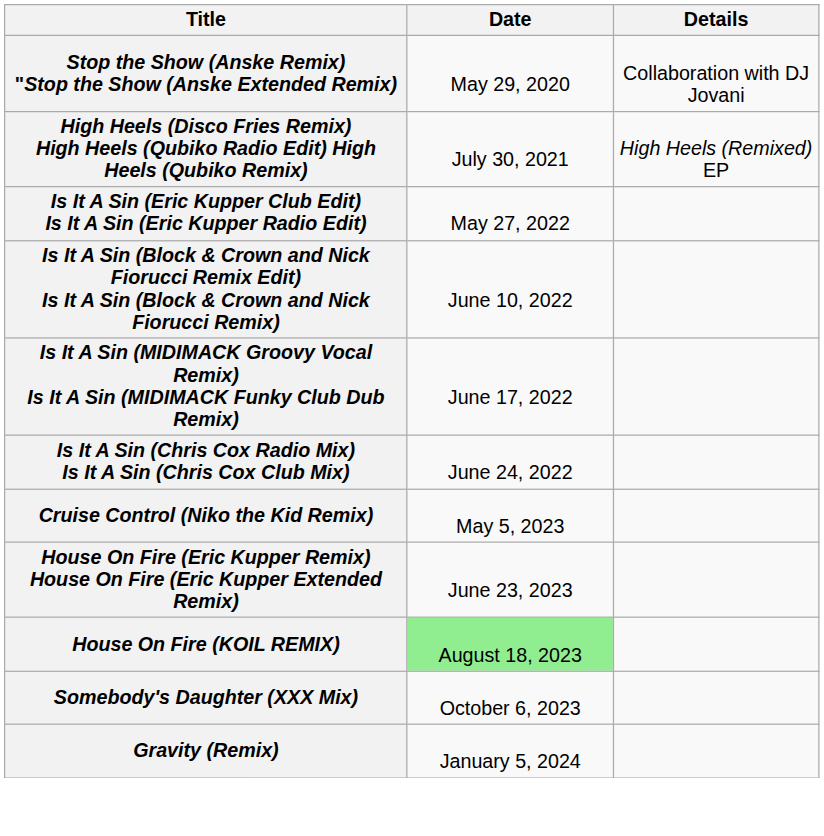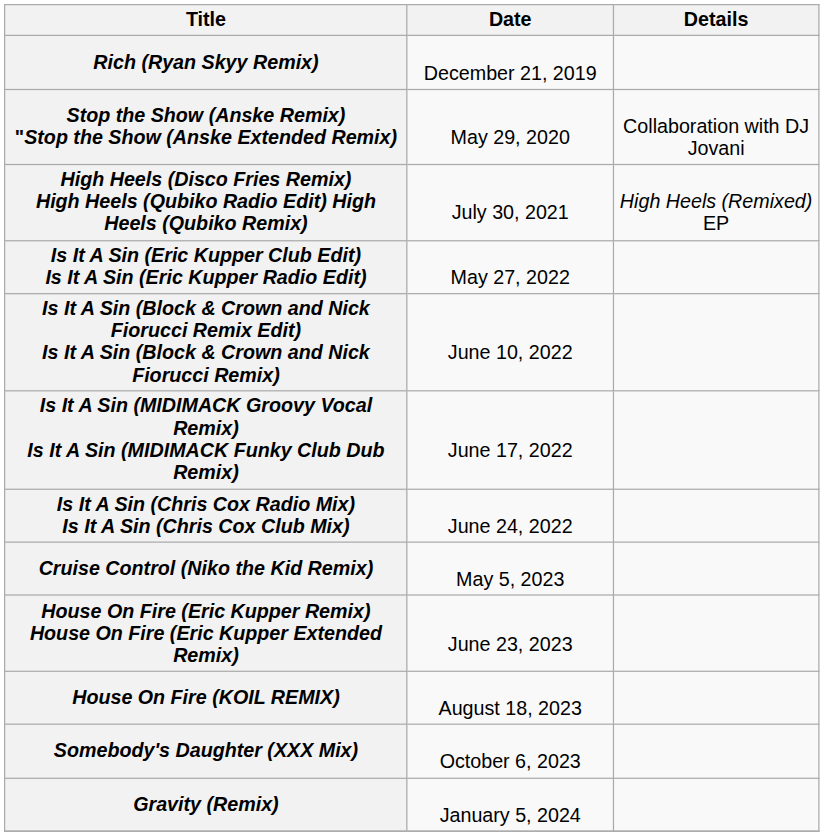 <table class="wikitable plainrowheaders" style="text-align:center;">
 <tr>
 <th scope="col" style="width:20em;">Title</th>
 <th scope="col" style="width:10em;">Date</th>
 <th scope="col" style="width:10em;">Details</th>
+</tr>
+<tr>
+<th scope="row"><em>Rich (Ryan Skyy Remix)</em></th>
+<td><br>December 21, 2019</td>
+<td></td>
 </tr>
 <tr>
 <th scope="row"><em>Stop the Show (Anske Remix)</em><br>"<em>Stop the Show (Anske Extended Remix)</em></th>
 <td><br>May 29, 2020</td>
 <td><br>Collaboration with DJ Jovani</td>
 </tr>
 <tr>
 <th scope="row"><em>High Heels (Disco Fries Remix)</em><br><em>High Heels (Qubiko Radio Edit)</em> <em>High Heels (Qubiko Remix)</em></th>
 <td><br>July 30, 2021</td>
 <td><br><em>High Heels (Remixed)</em> EP</td>
 </tr>
 <tr>
 <th scope="row"><em>Is It A Sin (Eric Kupper Club Edit)</em><br><em>Is It A Sin (Eric Kupper Radio Edit)</em></th>
 <td><br>May 27, 2022</td>
 <td></td>
 </tr>
 <tr>
 <th scope="row"><em>Is It A Sin (Block & Crown and Nick Fiorucci Remix Edit)</em><br><em>Is It A Sin (Block & Crown and Nick Fiorucci Remix)</em></th>
 <td><br>June 10, 2022</td>
 <td></td>
 </tr>
 <tr>
 <th scope="row"><em>Is It A Sin (MIDIMACK Groovy Vocal Remix)</em><br><em>Is It A Sin (MIDIMACK Funky Club Dub Remix)</em></th>
 <td><br>June 17, 2022</td>
 <td></td>
 </tr>
 <tr>
 <th scope="row"><em>Is It A Sin (Chris Cox Radio Mix)</em><br><em>Is It A Sin (Chris Cox Club Mix)</em></th>
 <td><br>June 24, 2022</td>
 <td></td>
 </tr>
 <tr>
 <th scope="row"><em>Cruise Control (Niko the Kid Remix)</em></th>
 <td><br>May 5, 2023</td>
 <td></td>
 </tr>
 <tr>
 <th scope="row"><em>House On Fire (Eric Kupper Remix)</em><br><em>House On Fire (Eric Kupper Extended Remix)</em></th>
 <td><br>June 23, 2023</td>
 <td></td>
 </tr>
 <tr>
 <th scope="row"><em>House On Fire (KOIL REMIX)</em></th>
-<td style="background: lightgreen;"><br>August 18, 2023</td>
+<td><br>August 18, 2023</td>
 <td></td>
 </tr>
 <tr>
 <th scope="row"><em>Somebody's Daughter (XXX Mix)</em></th>
 <td><br>October 6, 2023</td>
 <td></td>
 </tr>
 <tr>
 <th scope="row"><em>Gravity (Remix)</em></th>
 <td><br>January 5, 2024</td>
 <td></td>
 </tr>
 <tr>
 </tr>
 </table>
